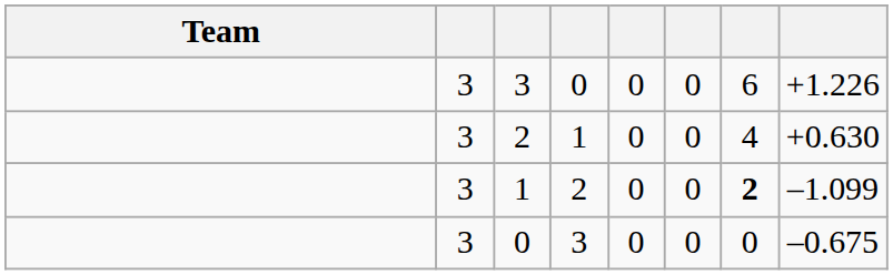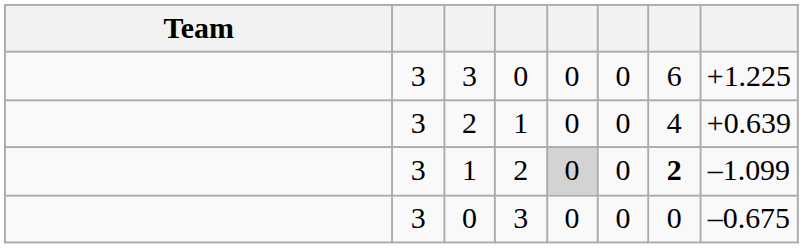 <table class="wikitable" style="text-align:center">
 <tr>
 <th width=200>Team</th>
 <th width=20></th>
 <th width=20></th>
 <th width=20></th>
 <th width=20></th>
 <th width=20></th>
 <th width=20></th>
 <th width=45></th>
 </tr>
 <tr>
 <td align="left"></td>
 <td>3</td>
 <td>3</td>
 <td>0</td>
 <td>0</td>
 <td>0</td>
 <td>6</td>
-<td>+1.226</td>
+<td>+1.225</td>
 </tr>
 <tr>
 <td align="left"></td>
 <td>3</td>
 <td>2</td>
 <td>1</td>
 <td>0</td>
 <td>0</td>
 <td>4</td>
-<td>+0.630</td>
+<td>+0.639</td>
 </tr>
 <tr>
 <td align="left"></td>
 <td>3</td>
 <td>1</td>
 <td>2</td>
-<td>0</td>
+<td style="background: lightgrey;">0</td>
 <td>0</td>
 <td><strong>2</strong></td>
 <td>–1.099</td>
 </tr>
 <tr>
 <td align="left"></td>
 <td>3</td>
 <td>0</td>
 <td>3</td>
 <td>0</td>
 <td>0</td>
 <td>0</td>
 <td>–0.675</td>
 </tr>
 </table>
